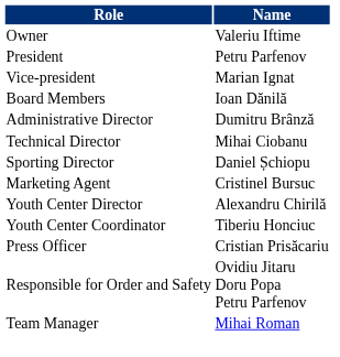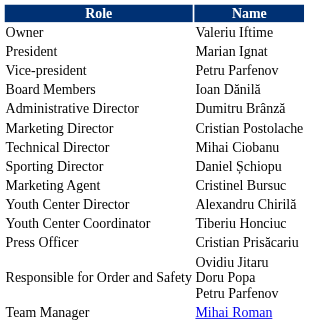 <table class="toccolours">
 <tr>
 <th style="background:#003174;color:#ffffff;">Role</th>
 <th style="background:#003174;color:#ffffff;">Name</th>
 </tr>
 <tr>
 <td>Owner</td>
 <td> Valeriu Iftime</td>
 </tr>
 <tr>
 <td>President</td>
-<td> Petru Parfenov</td>
+<td> Marian Ignat</td>
 </tr>
 <tr>
 <td>Vice-president</td>
-<td> Marian Ignat</td>
+<td> Petru Parfenov</td>
 </tr>
 <tr>
 <td>Board Members</td>
 <td> Ioan Dănilă</td>
 </tr>
 <tr>
 <td>Administrative Director</td>
 <td> Dumitru Brânză</td>
+</tr>
+<tr>
+<td>Marketing Director</td>
+<td> Cristian Postolache</td>
 </tr>
 <tr>
 <td>Technical Director</td>
 <td> Mihai Ciobanu</td>
 </tr>
 <tr>
 <td>Sporting Director</td>
 <td> Daniel Șchiopu</td>
 </tr>
 <tr>
 <td>Marketing Agent</td>
 <td> Cristinel Bursuc</td>
 </tr>
 <tr>
 <td>Youth Center Director</td>
 <td> Alexandru Chirilă</td>
 </tr>
 <tr>
 <td>Youth Center Coordinator</td>
 <td> Tiberiu Honciuc</td>
 </tr>
 <tr>
 <td>Press Officer</td>
 <td> Cristian Prisăcariu</td>
 </tr>
 <tr>
 <td>Responsible for Order and Safety</td>
 <td> Ovidiu Jitaru <br>  Doru Popa <br>  Petru Parfenov</td>
 </tr>
 <tr>
 <td>Team Manager</td>
 <td> <a href='#'>Mihai Roman</a></td>
 </tr>
 </table>
